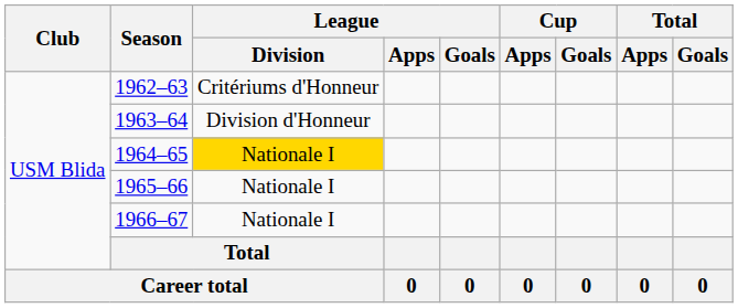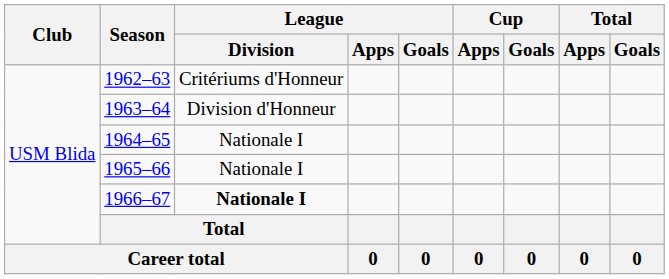 <table class="wikitable" style="text-align:center">
 <tr>
 <th rowspan="2">Club</th>
 <th rowspan="2">Season</th>
 <th colspan="3">League</th>
 <th colspan="2">Cup</th>
 <th colspan="2">Total</th>
 </tr>
 <tr>
 <th>Division</th>
 <th>Apps</th>
 <th>Goals</th>
 <th>Apps</th>
 <th>Goals</th>
 <th>Apps</th>
 <th>Goals</th>
 </tr>
 <tr>
 <td rowspan="6"><a href='#'>USM Blida</a></td>
 <td><a href='#'>1962–63</a></td>
 <td>Critériums d'Honneur</td>
 <td></td>
 <td></td>
 <td></td>
 <td></td>
 <td></td>
 <td></td>
 </tr>
 <tr>
 <td><a href='#'>1963–64</a></td>
 <td>Division d'Honneur</td>
 <td></td>
 <td></td>
 <td></td>
 <td></td>
 <td></td>
 <td></td>
 </tr>
 <tr>
 <td><a href='#'>1964–65</a></td>
-<td style="background: gold;">Nationale I</td>
+<td>Nationale I</td>
 <td></td>
 <td></td>
 <td></td>
 <td></td>
 <td></td>
 <td></td>
 </tr>
 <tr>
 <td><a href='#'>1965–66</a></td>
 <td>Nationale I</td>
 <td></td>
 <td></td>
 <td></td>
 <td></td>
 <td></td>
 <td></td>
 </tr>
 <tr>
 <td><a href='#'>1966–67</a></td>
-<td>Nationale I</td>
+<td><strong>Nationale I</strong></td>
 <td></td>
 <td></td>
 <td></td>
 <td></td>
 <td></td>
 <td></td>
 </tr>
 <tr>
 <th colspan="2">Total</th>
 <th></th>
 <th></th>
 <th></th>
 <th></th>
 <th></th>
 <th></th>
 </tr>
 <tr>
 <th colspan="3">Career total</th>
 <th>0</th>
 <th>0</th>
 <th>0</th>
 <th>0</th>
 <th>0</th>
 <th>0</th>
 </tr>
 </table>
